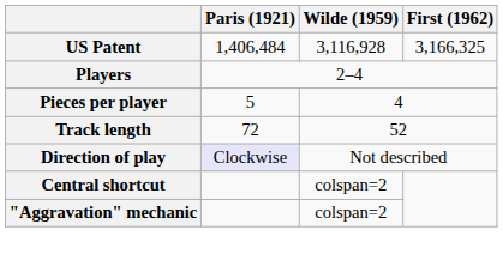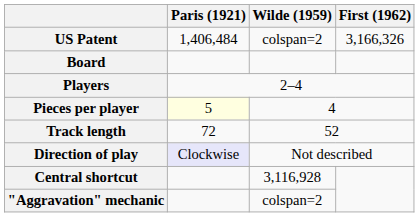 <table class="wikitable" style="font-size:100%;text-align:center;">
 <tr>
 <th></th>
 <th>Paris (1921)</th>
 <th>Wilde (1959)</th>
 <th>First (1962)</th>
 </tr>
 <tr>
 <th>US Patent</th>
 <td>1,406,484</td>
-<td>3,116,928</td>
-<td>3,166,325</td>
+<td>colspan=2 </td>
+<td>3,166,326</td>
+</tr>
+<tr>
+<th>Board</th>
+<td></td>
+<td></td>
+<td></td>
 </tr>
 <tr>
 <th>Players</th>
 <td colspan=3>2–4</td>
 </tr>
 <tr>
 <th>Pieces per player</th>
-<td>5</td>
+<td style="background: lightyellow;">5</td>
 <td colspan=2>4</td>
 </tr>
 <tr>
 <th>Track length</th>
 <td>72</td>
 <td colspan=2>52</td>
 </tr>
 <tr>
 <th>Direction of play</th>
 <td style="background: lavender;">Clockwise</td>
 <td colspan=2>Not described</td>
 </tr>
 <tr>
 <th>Central shortcut</th>
 <td></td>
-<td>colspan=2 </td>
+<td>3,116,928</td>
 </tr>
 <tr>
 <th>"Aggravation" mechanic</th>
 <td></td>
 <td>colspan=2 </td>
 </tr>
 </table>
